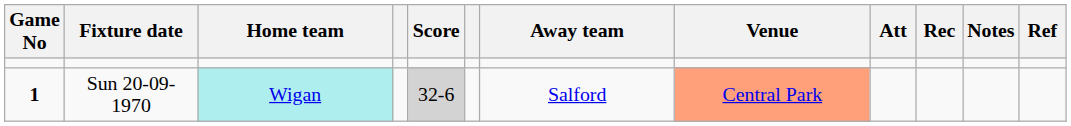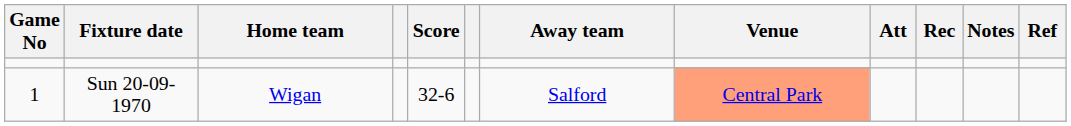 <table class="wikitable" style="text-align:center;">
 <tr>
 <th style="width:20px;" abbr="No">Game No</th>
 <th style="width:100px;" abbr="Date">Fixture date</th>
 <th style="width:150px;" abbr="Home team">Home team</th>
 <th style="width:5px;;" abbr="space"></th>
 <th style="width:20px;" abbr="Score">Score</th>
 <th style="width:5px;;" abbr="space"></th>
 <th style="width:150px;" abbr="Away team">Away team</th>
 <th style="width:150px;" abbr="Venue">Venue</th>
 <th style="width:30px;" abbr="Att">Att</th>
 <th style="width:30px;" abbr="Rec">Rec</th>
 <th style="width:20px;" abbr="Notes">Notes</th>
 <th style="width:30px;" abbr="Ref">Ref</th>
 </tr>
 <tr>
 <td></td>
 <td></td>
 <td></td>
 <td></td>
 <td></td>
 <td></td>
 <td></td>
 <td></td>
 <td></td>
 <td></td>
 <td></td>
 </tr>
 <tr>
-<td><strong>1</strong></td>
+<td>1</td>
 <td>Sun 20-09-1970</td>
-<td style="background: paleturquoise;"><a href='#'>Wigan</a></td>
+<td><a href='#'>Wigan</a></td>
 <td></td>
-<td style="background: lightgrey;">32-6</td>
+<td>32-6</td>
 <td></td>
 <td><a href='#'>Salford</a></td>
 <td style="background: lightsalmon;"><a href='#'>Central Park</a></td>
 <td></td>
 <td></td>
 <td></td>
 <td></td>
 </tr>
 </table>
